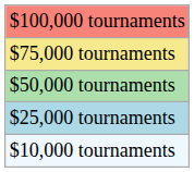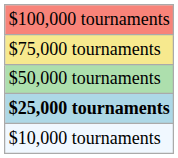 <table class="wikitable" style="font-size:90%;">
 <tr bgcolor="#F88379">
 <td>$100,000 tournaments</td>
 </tr>
 <tr bgcolor="#F7E98E">
 <td>$75,000 tournaments</td>
 </tr>
 <tr style="background:#addfad;">
 <td>$50,000 tournaments</td>
 </tr>
 <tr style="background:lightblue;">
-<td>$25,000 tournaments</td>
+<td><strong>$25,000 tournaments</strong></td>
 </tr>
 <tr style="background:#f0f8ff;">
 <td>$10,000 tournaments</td>
 </tr>
 </table>
